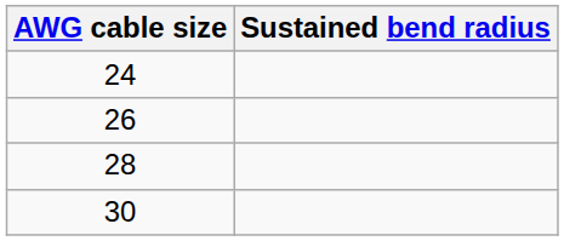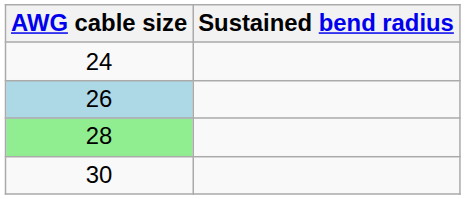 <table class="wikitable floatright" style="text-align: center; margin-left: 1.5em;">
 <tr>
 <th><a href='#'>AWG</a> cable size</th>
 <th>Sustained <a href='#'>bend radius</a></th>
 </tr>
 <tr>
 <td>24</td>
 <td></td>
 </tr>
 <tr>
-<td>26</td>
+<td style="background: lightblue;">26</td>
 <td></td>
 </tr>
 <tr>
-<td>28</td>
+<td style="background: lightgreen;">28</td>
 <td></td>
 </tr>
 <tr>
 <td>30</td>
 <td></td>
 </tr>
 </table>
